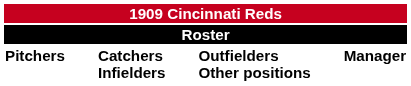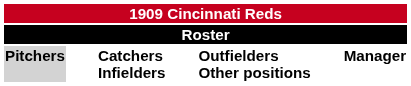 <table class="toccolours" style="font-size: 95%;">
 <tr>
 <th colspan="10" style="background-color: #c6011f; color: white; text-align: center;">1909 Cincinnati Reds</th>
 </tr>
 <tr>
 <td colspan="10" style="background-color: black; color: white; text-align: center;"><strong>Roster</strong></td>
 </tr>
 <tr>
-<td valign="top"><strong>Pitchers</strong><br>               </td>
+<td valign="top" style="background: lightgrey;"><strong>Pitchers</strong><br>               </td>
 <td width="25px"></td>
 <td valign="top"><strong>Catchers</strong><br>       <strong>Infielders</strong>             </td>
 <td width="25px"></td>
 <td valign="top"><strong>Outfielders</strong><br>        <strong>Other positions</strong> </td>
 <td width="25px"></td>
 <td valign="top"><strong>Manager</strong><br></td>
 </tr>
 </table>
